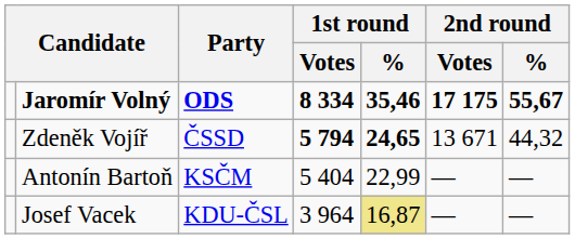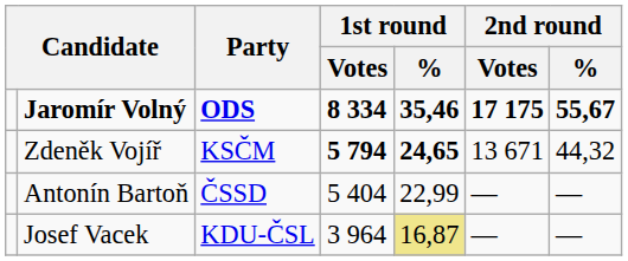 <table class="wikitable sortable">
 <tr>
 <th colspan="2" rowspan="2">Candidate</th>
 <th rowspan="2">Party</th>
 <th colspan="2">1st round</th>
 <th colspan="2">2nd round</th>
 </tr>
 <tr>
 <th>Votes</th>
 <th>%</th>
 <th>Votes</th>
 <th>%</th>
 </tr>
 <tr>
 <td style="background-color:"></td>
 <td><strong>Jaromír Volný</strong></td>
 <td><a href='#'><strong>ODS</strong></a></td>
 <td><strong>8 334</strong></td>
 <td><strong>35,46</strong></td>
 <td><strong>17 175</strong></td>
 <td><strong>55,67</strong></td>
 </tr>
 <tr>
 <td style="background-color:"></td>
 <td>Zdeněk Vojíř</td>
-<td><a href='#'>ČSSD</a></td>
+<td><a href='#'>KSČM</a></td>
 <td><strong>5 794</strong></td>
 <td><strong>24,65</strong></td>
 <td>13 671</td>
 <td>44,32</td>
 </tr>
 <tr>
 <td style="background-color:"></td>
 <td>Antonín Bartoň</td>
-<td><a href='#'>KSČM</a></td>
+<td><a href='#'>ČSSD</a></td>
 <td>5 404</td>
 <td>22,99</td>
 <td>—</td>
 <td>—</td>
 </tr>
 <tr>
 <td style="background-color:"></td>
 <td>Josef Vacek</td>
 <td><a href='#'>KDU-ČSL</a></td>
 <td>3 964</td>
 <td style="background: khaki;">16,87</td>
 <td>—</td>
 <td>—</td>
 </tr>
 </table>
